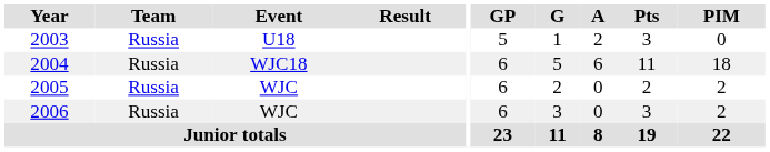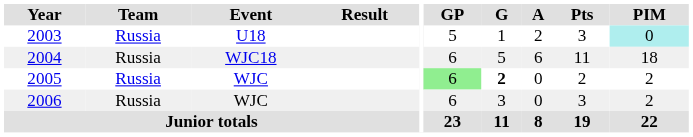 <table border="0" cellpadding="1" cellspacing="0" ID="Table3" style="text-align:center; width:40em">
 <tr ALIGN="center" bgcolor="#e0e0e0">
 <th>Year</th>
 <th>Team</th>
 <th>Event</th>
 <th>Result</th>
 <th rowspan="99" bgcolor="#ffffff"></th>
 <th>GP</th>
 <th>G</th>
 <th>A</th>
 <th>Pts</th>
 <th>PIM</th>
 </tr>
 <tr>
 <td><a href='#'>2003</a></td>
 <td><a href='#'>Russia</a></td>
 <td><a href='#'>U18</a></td>
 <td></td>
 <td>5</td>
 <td>1</td>
 <td>2</td>
 <td>3</td>
-<td>0</td>
+<td style="background: paleturquoise;">0</td>
 </tr>
 <tr bgcolor="#f0f0f0">
 <td><a href='#'>2004</a></td>
 <td>Russia</td>
 <td><a href='#'>WJC18</a></td>
 <td></td>
 <td>6</td>
 <td>5</td>
 <td>6</td>
 <td>11</td>
 <td>18</td>
 </tr>
 <tr>
 <td><a href='#'>2005</a></td>
 <td><a href='#'>Russia</a></td>
 <td><a href='#'>WJC</a></td>
 <td></td>
-<td>6</td>
-<td>2</td>
+<td style="background: lightgreen;">6</td>
+<td><strong>2</strong></td>
 <td>0</td>
 <td>2</td>
 <td>2</td>
 </tr>
 <tr bgcolor="#f0f0f0">
 <td><a href='#'>2006</a></td>
 <td>Russia</td>
 <td>WJC</td>
 <td></td>
 <td>6</td>
 <td>3</td>
 <td>0</td>
 <td>3</td>
 <td>2</td>
 </tr>
 <tr bgcolor="#e0e0e0">
 <th colspan="4">Junior totals</th>
 <th>23</th>
 <th>11</th>
 <th>8</th>
 <th>19</th>
 <th>22</th>
 </tr>
 </table>
